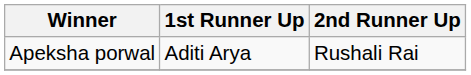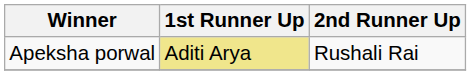 <table class="wikitable">
 <tr>
 <th>Winner</th>
 <th>1st Runner Up</th>
 <th>2nd Runner Up</th>
 </tr>
 <tr>
 <td>Apeksha porwal</td>
-<td>Aditi Arya</td>
+<td style="background: khaki;">Aditi Arya</td>
 <td>Rushali Rai</td>
 </tr>
 <tr>
 </tr>
 </table>
